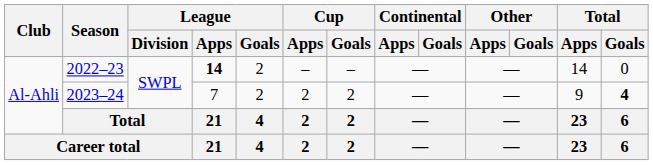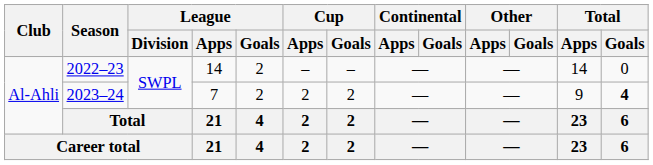 <table class="wikitable" style="text-align: center;">
 <tr>
 <th rowspan="2">Club</th>
 <th rowspan="2">Season</th>
 <th colspan="3">League</th>
 <th colspan="2">Cup</th>
 <th colspan="2">Continental</th>
 <th colspan="2">Other</th>
 <th colspan="2">Total</th>
 </tr>
 <tr>
 <th>Division</th>
 <th>Apps</th>
 <th>Goals</th>
 <th>Apps</th>
 <th>Goals</th>
 <th>Apps</th>
 <th>Goals</th>
 <th>Apps</th>
 <th>Goals</th>
 <th>Apps</th>
 <th>Goals</th>
 </tr>
 <tr>
 <td rowspan="3"><a href='#'>Al-Ahli</a></td>
 <td><a href='#'>2022–23</a></td>
 <td rowspan="2"><a href='#'>SWPL</a></td>
-<td><strong>14</strong></td>
+<td>14</td>
 <td>2</td>
 <td>–</td>
 <td>–</td>
 <td colspan="2">—</td>
 <td colspan="2">—</td>
 <td>14</td>
 <td>0</td>
 </tr>
 <tr>
 <td><a href='#'>2023–24</a></td>
 <td>7</td>
 <td>2</td>
 <td>2</td>
 <td>2</td>
 <td colspan="2">—</td>
 <td colspan="2">—</td>
 <td>9</td>
 <td><strong>4</strong></td>
 </tr>
 <tr>
 <th colspan="2">Total</th>
 <th>21</th>
 <th>4</th>
 <th>2</th>
 <th>2</th>
 <th colspan="2">—</th>
 <th colspan="2">—</th>
 <th>23</th>
 <th>6</th>
 </tr>
 <tr>
 <th colspan="3">Career total</th>
 <th>21</th>
 <th>4</th>
 <th>2</th>
 <th>2</th>
 <th colspan="2">—</th>
 <th colspan="2">—</th>
 <th>23</th>
 <th>6</th>
 </tr>
 </table>
